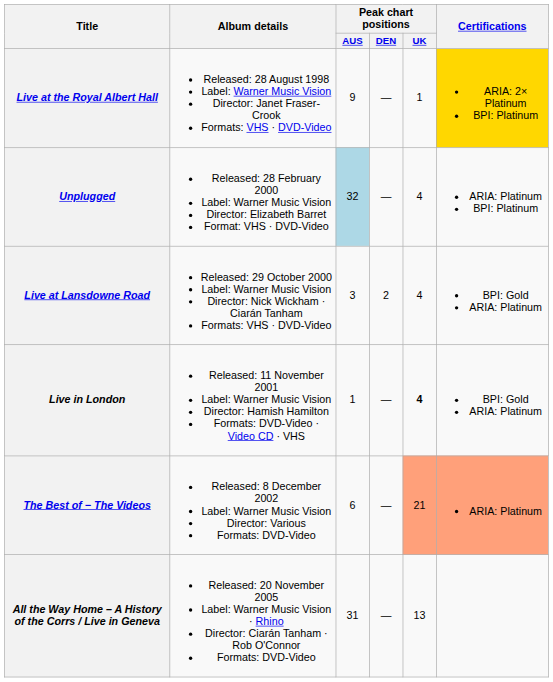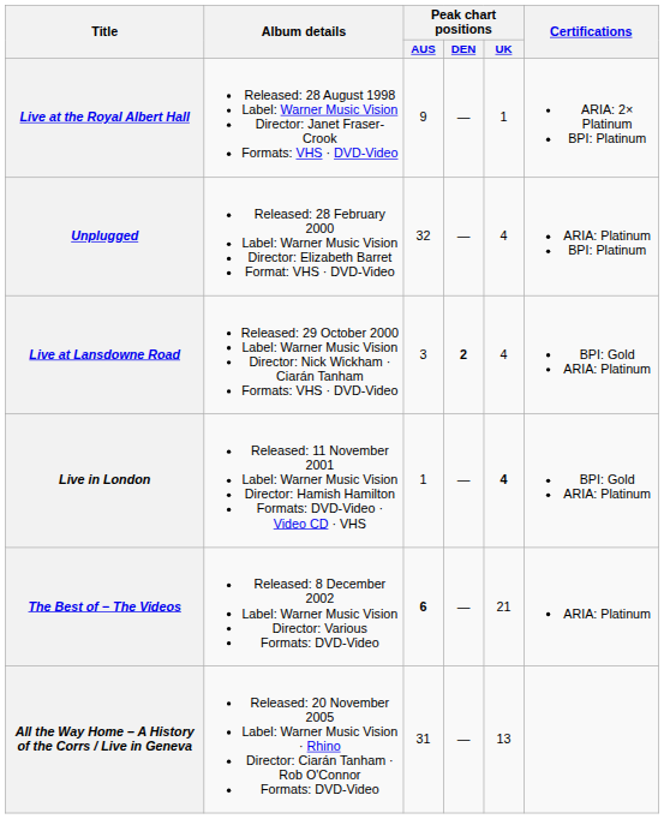 <table class="wikitable plainrowheaders" style="text-align:center;" border="1">
 <tr>
 <th scope="col" rowspan="2" style="width:15em;">Title</th>
 <th scope="col" rowspan="2" style="width:15em;">Album details</th>
 <th scope="col" colspan="3">Peak chart positions</th>
 <th scope="col" rowspan="2" style="width:10em;"><a href='#'>Certifications</a></th>
 </tr>
 <tr>
 <th scope="col" style="width:3em;font-size:90%;"><a href='#'>AUS</a><br></th>
 <th scope="col" style="width:3em;font-size:90%;"><a href='#'>DEN</a><br></th>
 <th scope="col" style="width:3em;font-size:90%;"><a href='#'>UK</a><br></th>
 </tr>
 <tr>
 <th scope="row"><em><a href='#'>Live at the Royal Albert Hall</a></em></th>
 <td><br><ul><li>Released: 28 August 1998</li><li>Label: <a href='#'>Warner Music Vision</a></li><li>Director: Janet Fraser-Crook</li><li>Formats: <a href='#'>VHS</a> · <a href='#'>DVD-Video</a></li></ul></td>
 <td>9</td>
 <td>—</td>
 <td>1</td>
-<td style="background: gold;"><br><ul><li>ARIA: 2× Platinum</li><li>BPI: Platinum</li></ul></td>
+<td><br><ul><li>ARIA: 2× Platinum</li><li>BPI: Platinum</li></ul></td>
 </tr>
 <tr>
 <th scope="row"><em><a href='#'>Unplugged</a></em></th>
 <td><br><ul><li>Released: 28 February 2000</li><li>Label: Warner Music Vision</li><li>Director: Elizabeth Barret</li><li>Format: VHS · DVD-Video</li></ul></td>
-<td style="background: lightblue;">32</td>
+<td>32</td>
 <td>—</td>
 <td>4</td>
 <td><br><ul><li>ARIA: Platinum</li><li>BPI: Platinum</li></ul></td>
 </tr>
 <tr>
 <th scope="row"><em><a href='#'>Live at Lansdowne Road</a></em></th>
 <td><br><ul><li>Released: 29 October 2000</li><li>Label: Warner Music Vision</li><li>Director: Nick Wickham · Ciarán Tanham</li><li>Formats: VHS · DVD-Video</li></ul></td>
 <td>3</td>
-<td>2</td>
+<td><strong>2</strong></td>
 <td>4</td>
 <td><br><ul><li>BPI: Gold</li><li>ARIA: Platinum</li></ul></td>
 </tr>
 <tr>
 <th scope="row"><em>Live in London</em></th>
 <td><br><ul><li>Released: 11 November 2001</li><li>Label: Warner Music Vision</li><li>Director: Hamish Hamilton</li><li>Formats: DVD-Video · <a href='#'>Video CD</a> · VHS</li></ul></td>
 <td>1</td>
 <td>—</td>
 <td><strong>4</strong></td>
 <td><br><ul><li>BPI: Gold</li><li>ARIA: Platinum</li></ul></td>
 </tr>
 <tr>
 <th scope="row"><em><a href='#'>The Best of − The Videos</a></em></th>
 <td><br><ul><li>Released: 8 December 2002</li><li>Label: Warner Music Vision</li><li>Director: Various</li><li>Formats: DVD-Video</li></ul></td>
-<td>6</td>
+<td><strong>6</strong></td>
 <td>—</td>
-<td style="background: lightsalmon;">21</td>
-<td style="background: lightsalmon;"><br><ul><li>ARIA: Platinum</li></ul></td>
+<td>21</td>
+<td><br><ul><li>ARIA: Platinum</li></ul></td>
 </tr>
 <tr>
 <th scope="row"><em>All the Way Home – A History of the Corrs / Live in Geneva</em></th>
 <td><br><ul><li>Released: 20 November 2005</li><li>Label: Warner Music Vision · <a href='#'>Rhino</a></li><li>Director: Ciarán Tanham · Rob O'Connor</li><li>Formats: DVD-Video</li></ul></td>
 <td>31</td>
 <td>—</td>
 <td>13</td>
 <td></td>
 </tr>
 </table>
